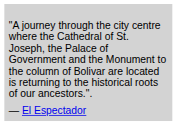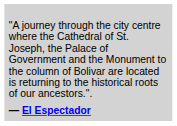 <table class="toccolours" style="float: right; margin-left: 1em; margin-right: 2em; font-size: 85%; background:#d3d3d3; color:black; width:30em; max-width: 25%;" cellspacing="5">
 <tr>
 <td style="text-align: left;"><br>"A journey through the city centre where the Cathedral of St. Joseph, the Palace of Government and the Monument to the column of Bolivar are located is returning to the historical roots of our ancestors.".</td>
 </tr>
 <tr>
-<td style="text-align: left;">— <a href='#'>El Espectador</a></td>
+<td style="text-align: left;"><strong>— <a href='#'>El Espectador</a></strong></td>
 </tr>
 </table>
